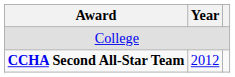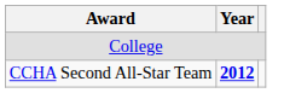 <table class="wikitable">
 <tr>
 <th>Award</th>
 <th>Year</th>
 <th></th>
 </tr>
 <tr ALIGN="center" bgcolor="#e0e0e0">
 <td colspan="3"><a href='#'>College</a></td>
 </tr>
 <tr>
-<td><strong><a href='#'>CCHA</a> Second All-Star Team</strong></td>
-<td><a href='#'>2012</a></td>
+<td><a href='#'>CCHA</a> Second All-Star Team</td>
+<td><strong><a href='#'>2012</a></strong></td>
 <td></td>
 </tr>
 </table>
